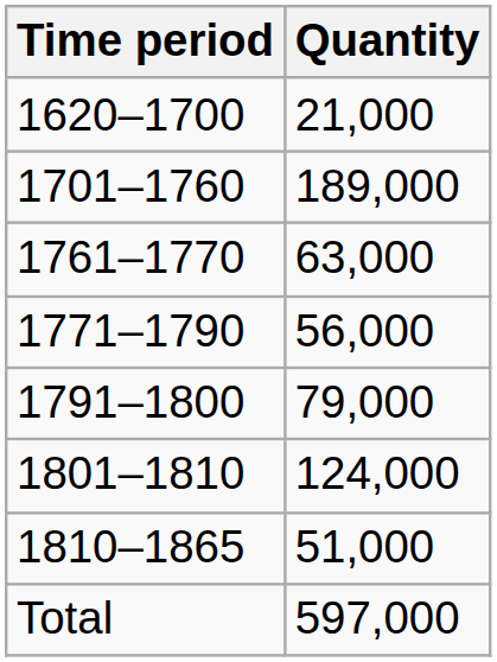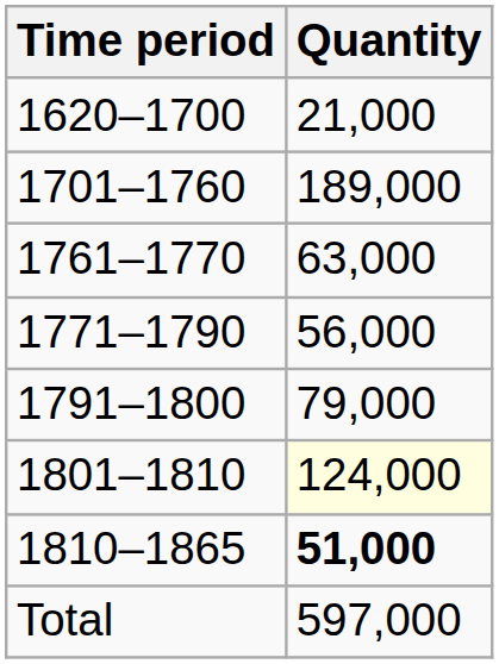 <table class="wikitable">
 <tr>
 <th>Time period</th>
 <th>Quantity</th>
 </tr>
 <tr>
 <td>1620–1700</td>
 <td>21,000</td>
 </tr>
 <tr>
 <td>1701–1760</td>
 <td>189,000</td>
 </tr>
 <tr>
 <td>1761–1770</td>
 <td>63,000</td>
 </tr>
 <tr>
 <td>1771–1790</td>
 <td>56,000</td>
 </tr>
 <tr>
 <td>1791–1800</td>
 <td>79,000</td>
 </tr>
 <tr>
 <td>1801–1810</td>
-<td>124,000</td>
+<td style="background: lightyellow;">124,000</td>
 </tr>
 <tr>
 <td>1810–1865</td>
-<td>51,000</td>
+<td><strong>51,000</strong></td>
 </tr>
 <tr>
 <td>Total</td>
 <td>597,000</td>
 </tr>
 </table>
